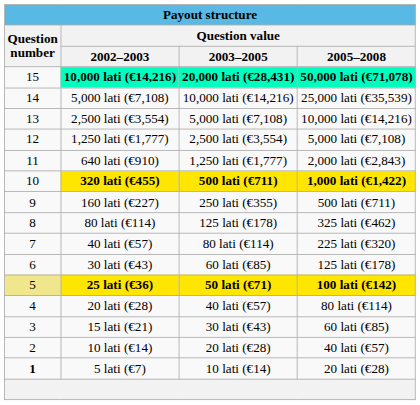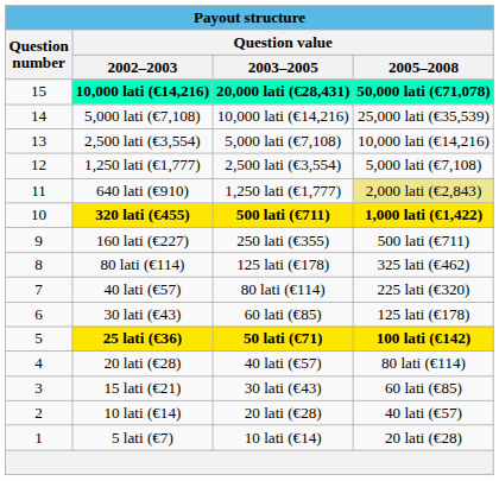 <table class="wikitable" style="text-align:center;">
 <tr>
 <th colspan="4" style="background: #58B9E4">Payout structure</th>
 </tr>
 <tr>
 <th rowspan="2">Question<br>number</th>
 <th colspan="3">Question value</th>
 </tr>
 <tr>
 <th>2002–2003</th>
 <th>2003–2005</th>
 <th>2005–2008</th>
 </tr>
 <tr>
 <td>15</td>
 <td style="background: #00FFBF"><strong>10,000 lati (€14,216)</strong></td>
 <td style="background: #00FFBF"><strong>20,000 lati (€28,431)</strong></td>
 <td style="background: #00FFBF"><strong>50,000 lati (€71,078)</strong></td>
 </tr>
 <tr>
 <td>14</td>
 <td>5,000 lati (€7,108)</td>
 <td>10,000 lati (€14,216)</td>
 <td>25,000 lati (€35,539)</td>
 </tr>
 <tr>
 <td>13</td>
 <td>2,500 lati (€3,554)</td>
 <td>5,000 lati (€7,108)</td>
 <td>10,000 lati (€14,216)</td>
 </tr>
 <tr>
 <td>12</td>
 <td>1,250 lati (€1,777)</td>
 <td>2,500 lati (€3,554)</td>
 <td>5,000 lati (€7,108)</td>
 </tr>
 <tr>
 <td>11</td>
 <td>640 lati (€910)</td>
 <td>1,250 lati (€1,777)</td>
-<td>2,000 lati (€2,843)</td>
+<td style="background: khaki;">2,000 lati (€2,843)</td>
 </tr>
 <tr>
 <td>10</td>
 <td style="background: #FFE600"><strong>320 lati (€455)</strong></td>
 <td style="background: #FFE600"><strong>500 lati (€711)</strong></td>
 <td style="background: #FFE600"><strong>1,000 lati (€1,422)</strong></td>
 </tr>
 <tr>
 <td>9</td>
 <td>160 lati (€227)</td>
 <td>250 lati (€355)</td>
 <td>500 lati (€711)</td>
 </tr>
 <tr>
 <td>8</td>
 <td>80 lati (€114)</td>
 <td>125 lati (€178)</td>
 <td>325 lati (€462)</td>
 </tr>
 <tr>
 <td>7</td>
 <td>40 lati (€57)</td>
 <td>80 lati (€114)</td>
 <td>225 lati (€320)</td>
 </tr>
 <tr>
 <td>6</td>
 <td>30 lati (€43)</td>
 <td>60 lati (€85)</td>
 <td>125 lati (€178)</td>
 </tr>
 <tr>
-<td style="background: khaki;">5</td>
+<td>5</td>
 <td style="background: #FFE600"><strong>25 lati (€36)</strong></td>
 <td style="background: #FFE600"><strong>50 lati (€71)</strong></td>
 <td style="background: #FFE600"><strong>100 lati (€142)</strong></td>
 </tr>
 <tr>
 <td>4</td>
 <td>20 lati (€28)</td>
 <td>40 lati (€57)</td>
 <td>80 lati (€114)</td>
 </tr>
 <tr>
 <td>3</td>
 <td>15 lati (€21)</td>
 <td>30 lati (€43)</td>
 <td>60 lati (€85)</td>
 </tr>
 <tr>
 <td>2</td>
 <td>10 lati (€14)</td>
 <td>20 lati (€28)</td>
 <td>40 lati (€57)</td>
 </tr>
 <tr>
-<td><strong>1</strong></td>
+<td>1</td>
 <td>5 lati (€7)</td>
 <td>10 lati (€14)</td>
 <td>20 lati (€28)</td>
 </tr>
 <tr>
 <th colspan="4" style="text-align:left"><br></th>
 </tr>
 </table>
